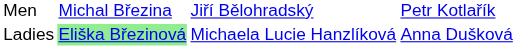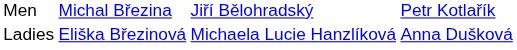 <table>
 <tr>
 <td>Men</td>
 <td><a href='#'>Michal Březina</a></td>
 <td><a href='#'>Jiří Bělohradský</a></td>
 <td><a href='#'>Petr Kotlařík</a></td>
 </tr>
 <tr>
 <td>Ladies</td>
-<td style="background: lightgreen;"><a href='#'>Eliška Březinová</a></td>
+<td><a href='#'>Eliška Březinová</a></td>
 <td><a href='#'>Michaela Lucie Hanzlíková</a></td>
 <td><a href='#'>Anna Dušková</a></td>
 </tr>
 </table>
